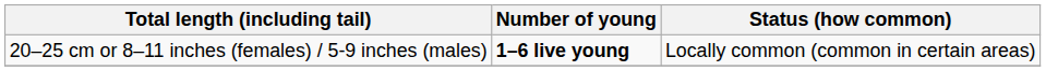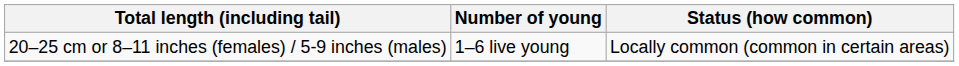 <table class="wikitable" border="1">
 <tr>
 <th>Total length (including tail)</th>
 <th>Number of young</th>
 <th>Status (how common)</th>
 </tr>
 <tr>
 <td>20–25 cm or 8–11 inches (females) / 5-9 inches (males)</td>
-<td><strong>1–6 live young</strong></td>
+<td>1–6 live young</td>
 <td>Locally common (common in certain areas)</td>
 </tr>
 <tr>
 </tr>
 </table>
